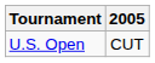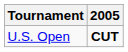 <table class="wikitable" style="font-size:95%;">
 <tr>
 <th>Tournament</th>
 <th>2005</th>
 </tr>
 <tr>
 <td><a href='#'>U.S. Open</a></td>
-<td align="center">CUT</td>
+<td align="center"><strong>CUT</strong></td>
 </tr>
 </table>
